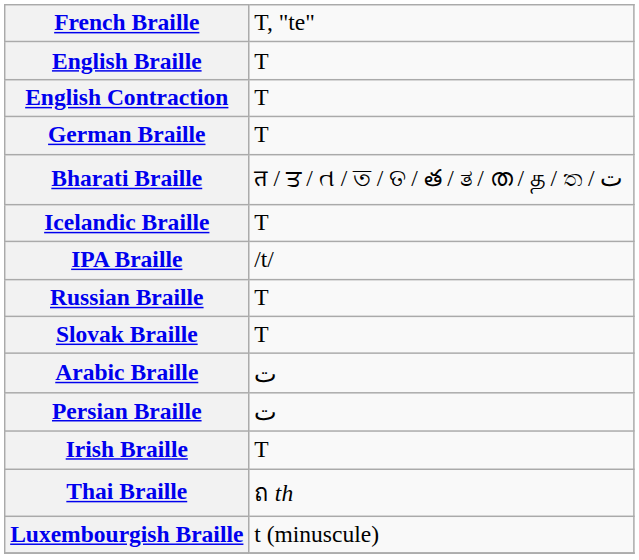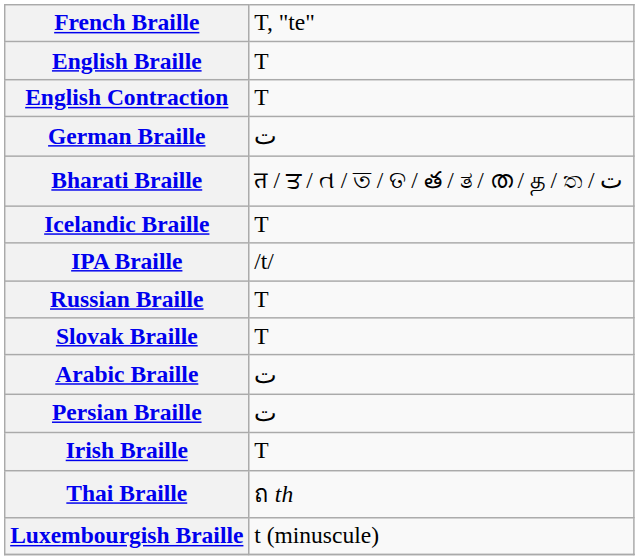 <table class="wikitable">
 <tr>
 <th align=left><a href='#'>French Braille</a></th>
 <td>T, "te"</td>
 </tr>
 <tr>
 <th align=left><a href='#'>English Braille</a></th>
 <td>T</td>
 </tr>
 <tr>
 <th align=left><a href='#'>English Contraction</a></th>
 <td>T</td>
 </tr>
 <tr>
 <th align=left><a href='#'>German Braille</a></th>
-<td>T</td>
+<td>ت</td>
 </tr>
 <tr>
 <th align=left><a href='#'>Bharati Braille</a></th>
 <td>त / ਤ / ત / ত / ତ / త / ತ / ത / த / ත / ت ‎</td>
 </tr>
 <tr>
 <th align=left><a href='#'>Icelandic Braille</a></th>
 <td>T</td>
 </tr>
 <tr>
 <th align=left><a href='#'>IPA Braille</a></th>
 <td>/t/</td>
 </tr>
 <tr>
 <th align=left><a href='#'>Russian Braille</a></th>
 <td>Т</td>
 </tr>
 <tr>
 <th align=left><a href='#'>Slovak Braille</a></th>
 <td>T</td>
 </tr>
 <tr>
 <th align=left><a href='#'>Arabic Braille</a></th>
 <td>ت</td>
 </tr>
 <tr>
 <th align=left><a href='#'>Persian Braille</a></th>
 <td>ت</td>
 </tr>
 <tr>
 <th align=left><a href='#'>Irish Braille</a></th>
 <td>T</td>
 </tr>
 <tr>
 <th align=left><a href='#'>Thai Braille</a></th>
 <td>ถ <em>th</em></td>
 </tr>
 <tr>
 <th align=left><a href='#'>Luxembourgish Braille</a></th>
 <td>t (minuscule)</td>
 </tr>
 <tr>
 </tr>
 </table>
